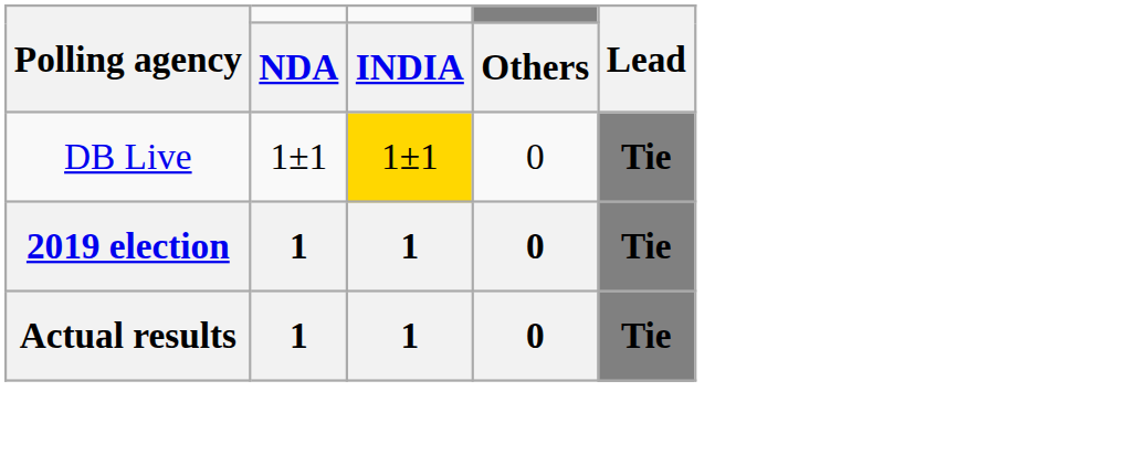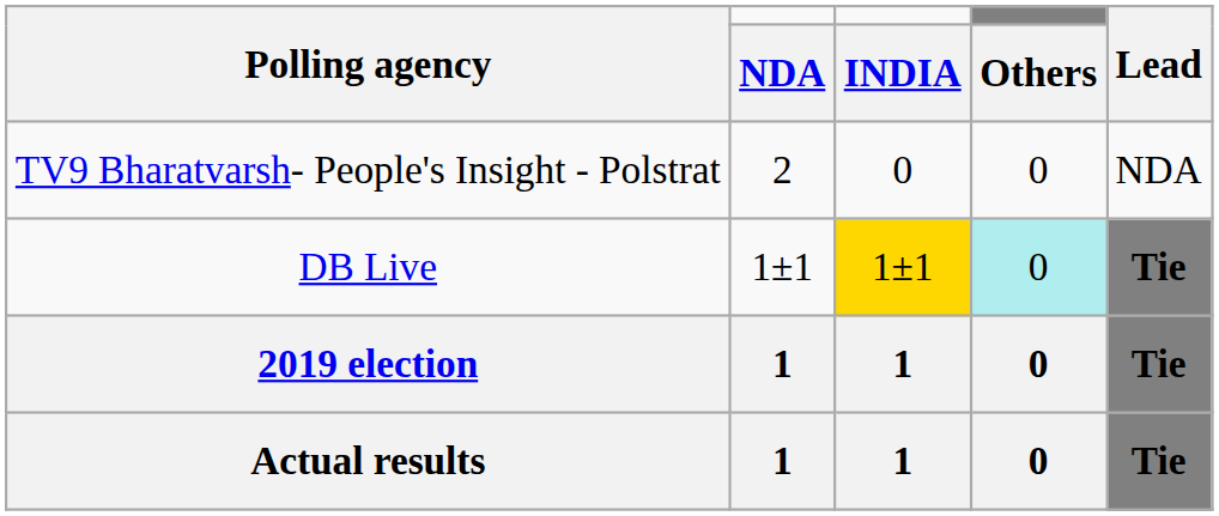 <table class="wikitable" style="text-align:center;font-size:95%;line-height:30px;">
 <tr>
 <th rowspan="2" class="wikitable">Polling agency</th>
 <td></td>
 <td></td>
 <td style="background:grey;"></td>
 <th rowspan="2">Lead</th>
 </tr>
 <tr>
 <th class="wikitable"><a href='#'>NDA</a></th>
 <th class="wikitable"><a href='#'>INDIA</a></th>
 <th class="wikitable">Others</th>
 </tr>
 <tr>
+<td><a href='#'>TV9 Bharatvarsh</a>- People's Insight - Polstrat</td>
+<td>2</td>
+<td>0</td>
+<td>0</td>
+<td>NDA</td>
+</tr>
+<tr>
 <td><a href='#'>DB Live</a></td>
 <td>1±1</td>
 <td style="background: gold;">1±1</td>
-<td>0</td>
+<td style="background: paleturquoise;">0</td>
 <td style="background:grey; color:#000000;"><strong>Tie</strong></td>
 </tr>
 <tr>
 <th><a href='#'><strong>2019 election</strong></a></th>
 <th>1</th>
 <th>1</th>
 <th>0</th>
 <th style="background:grey; color:#000000;"><strong>Tie</strong></th>
 </tr>
 <tr>
 <th>Actual results</th>
 <th>1</th>
 <th>1</th>
 <th>0</th>
 <td style="background:grey; color:#000000;"><strong>Tie</strong></td>
 </tr>
 </table>
